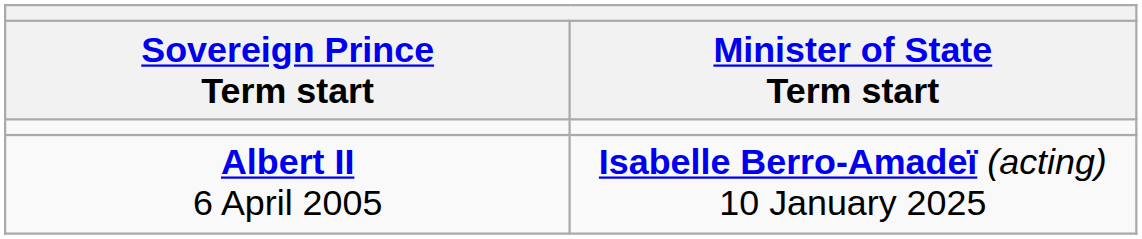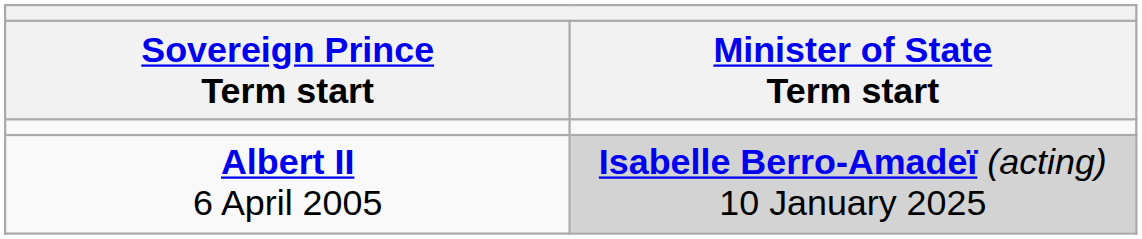 <table class="wikitable" width="40%" style="text-align: center">
 <tr>
 <th colspan="2"></th>
 </tr>
 <tr>
 <th width="20%"><a href='#'>Sovereign Prince</a><br>Term start</th>
 <th width="20%"><a href='#'>Minister of State</a><br>Term start</th>
 </tr>
 <tr>
 <td></td>
 <td></td>
 </tr>
 <tr>
 <td><strong><a href='#'>Albert II</a></strong><br>6 April 2005</td>
-<td><strong><a href='#'>Isabelle Berro-Amadeï</a></strong> <em>(acting)</em><br>10 January 2025</td>
+<td style="background: lightgrey;"><strong><a href='#'>Isabelle Berro-Amadeï</a></strong> <em>(acting)</em><br>10 January 2025</td>
 </tr>
 </table>
